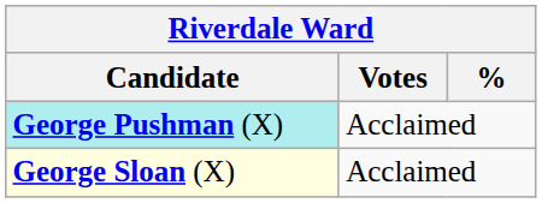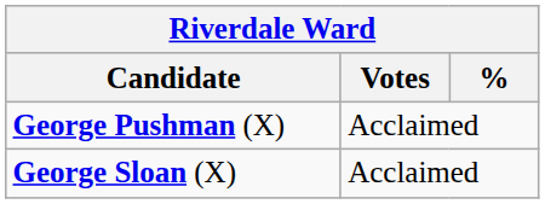 <table class="wikitable">
 <tr>
 <th colspan="3"><a href='#'>Riverdale Ward</a></th>
 </tr>
 <tr>
 <th style="width: 170px">Candidate</th>
 <th style="width: 50px">Votes</th>
 <th style="width: 40px">%</th>
 </tr>
 <tr>
-<td style="background: paleturquoise;"><strong><a href='#'>George Pushman</a></strong> (X)</td>
+<td><strong><a href='#'>George Pushman</a></strong> (X)</td>
 <td colspan="2">Acclaimed</td>
 </tr>
 <tr>
-<td style="background: lightyellow;"><strong><a href='#'>George Sloan</a></strong> (X)</td>
+<td><strong><a href='#'>George Sloan</a></strong> (X)</td>
 <td colspan="2">Acclaimed</td>
 </tr>
 </table>
